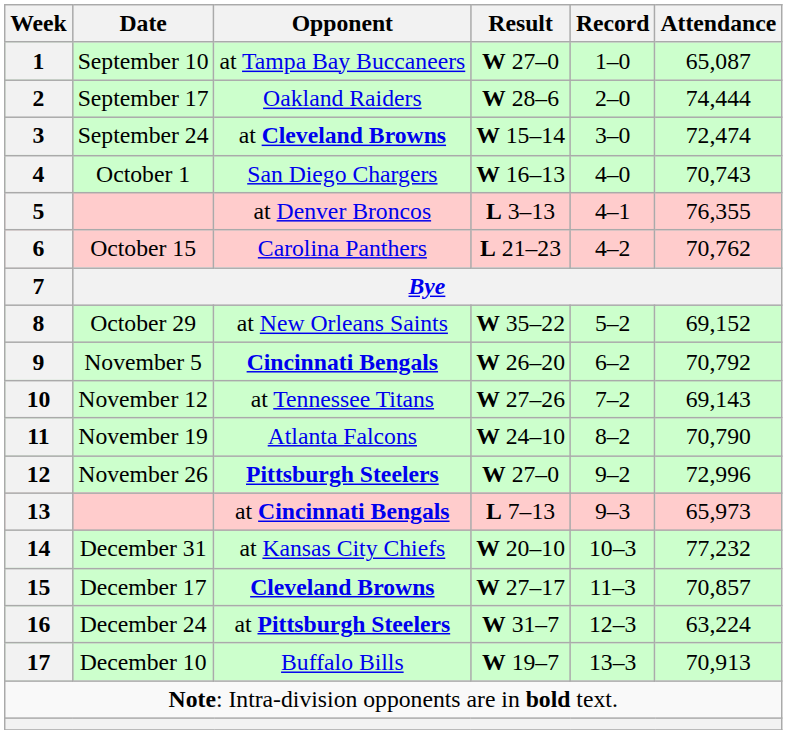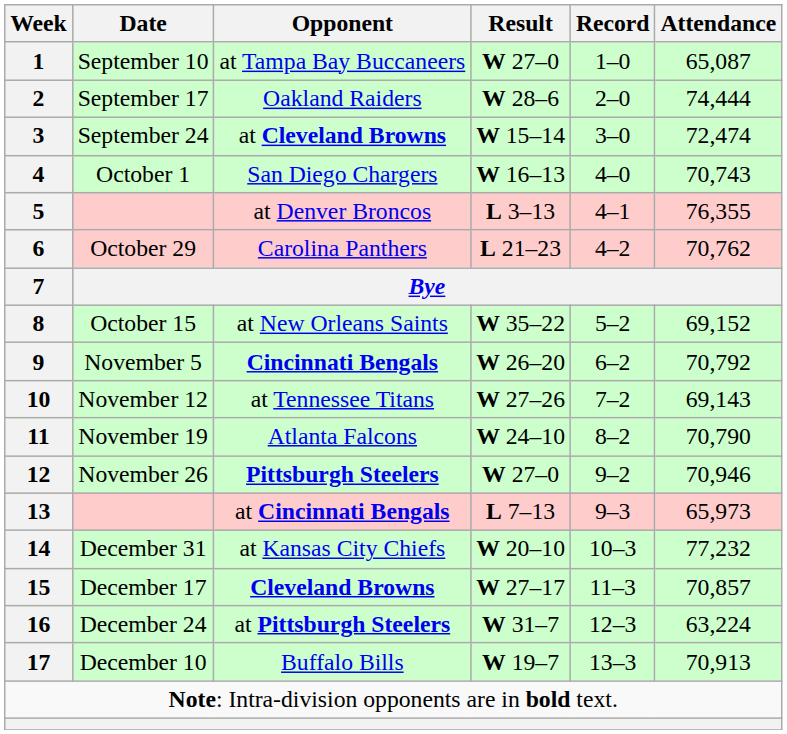 <table class="wikitable" style="text-align:center">
 <tr>
 <th>Week</th>
 <th>Date</th>
 <th>Opponent</th>
 <th>Result</th>
 <th>Record</th>
 <th>Attendance</th>
 </tr>
 <tr style="background: #cfc;">
 <th>1</th>
 <td>September 10</td>
 <td>at <a href='#'>Tampa Bay Buccaneers</a></td>
 <td><strong>W</strong> 27–0</td>
 <td>1–0</td>
 <td>65,087</td>
 </tr>
 <tr style="background: #cfc;">
 <th>2</th>
 <td>September 17</td>
 <td><a href='#'>Oakland Raiders</a></td>
 <td><strong>W</strong> 28–6</td>
 <td>2–0</td>
 <td>74,444</td>
 </tr>
 <tr style="background: #cfc;">
 <th>3</th>
 <td>September 24</td>
 <td>at <strong><a href='#'>Cleveland Browns</a></strong></td>
 <td><strong>W</strong> 15–14</td>
 <td>3–0</td>
 <td>72,474</td>
 </tr>
 <tr style="background: #cfc;">
 <th>4</th>
 <td>October 1</td>
 <td><a href='#'>San Diego Chargers</a></td>
 <td><strong>W</strong> 16–13</td>
 <td>4–0</td>
 <td>70,743</td>
 </tr>
 <tr style="background: #fcc;">
 <th>5</th>
 <td></td>
 <td>at <a href='#'>Denver Broncos</a></td>
 <td><strong>L</strong> 3–13</td>
 <td>4–1</td>
 <td>76,355</td>
 </tr>
 <tr style="background: #fcc;">
 <th>6</th>
-<td>October 15</td>
+<td>October 29</td>
 <td><a href='#'>Carolina Panthers</a></td>
 <td><strong>L</strong> 21–23</td>
 <td>4–2</td>
 <td>70,762</td>
 </tr>
 <tr>
 <th>7</th>
 <th colspan="5"><em><a href='#'>Bye</a></em></th>
 </tr>
 <tr style="background: #cfc;">
 <th>8</th>
-<td>October 29</td>
+<td>October 15</td>
 <td>at <a href='#'>New Orleans Saints</a></td>
 <td><strong>W</strong> 35–22</td>
 <td>5–2</td>
 <td>69,152</td>
 </tr>
 <tr style="background: #cfc;">
 <th>9</th>
 <td>November 5</td>
 <td><strong><a href='#'>Cincinnati Bengals</a></strong></td>
 <td><strong>W</strong> 26–20</td>
 <td>6–2</td>
 <td>70,792</td>
 </tr>
 <tr style="background: #cfc;">
 <th>10</th>
 <td>November 12</td>
 <td>at <a href='#'>Tennessee Titans</a></td>
 <td><strong>W</strong> 27–26</td>
 <td>7–2</td>
 <td>69,143</td>
 </tr>
 <tr style="background: #cfc;">
 <th>11</th>
 <td>November 19</td>
 <td><a href='#'>Atlanta Falcons</a></td>
 <td><strong>W</strong> 24–10</td>
 <td>8–2</td>
 <td>70,790</td>
 </tr>
 <tr style="background: #cfc;">
 <th>12</th>
 <td>November 26</td>
 <td><strong><a href='#'>Pittsburgh Steelers</a></strong></td>
 <td><strong>W</strong> 27–0</td>
 <td>9–2</td>
-<td>72,996</td>
+<td>70,946</td>
 </tr>
 <tr style="background: #fcc;">
 <th>13</th>
 <td></td>
 <td>at <strong><a href='#'>Cincinnati Bengals</a></strong></td>
 <td><strong>L</strong> 7–13</td>
 <td>9–3</td>
 <td>65,973</td>
 </tr>
 <tr style="background: #cfc;">
 <th>14</th>
 <td>December 31</td>
 <td>at <a href='#'>Kansas City Chiefs</a></td>
 <td><strong>W</strong> 20–10</td>
 <td>10–3</td>
 <td>77,232</td>
 </tr>
 <tr style="background: #cfc;">
 <th>15</th>
 <td>December 17</td>
 <td><strong><a href='#'>Cleveland Browns</a></strong></td>
 <td><strong>W</strong> 27–17</td>
 <td>11–3</td>
 <td>70,857</td>
 </tr>
 <tr style="background: #cfc;">
 <th>16</th>
 <td>December 24</td>
 <td>at <strong><a href='#'>Pittsburgh Steelers</a></strong></td>
 <td><strong>W</strong> 31–7</td>
 <td>12–3</td>
 <td>63,224</td>
 </tr>
 <tr style="background: #cfc;">
 <th>17</th>
 <td>December 10</td>
 <td><a href='#'>Buffalo Bills</a></td>
 <td><strong>W</strong> 19–7</td>
 <td>13–3</td>
 <td>70,913</td>
 </tr>
 <tr>
 <td colspan="6"><strong>Note</strong>: Intra-division opponents are in <strong>bold</strong> text.</td>
 </tr>
 <tr>
 <th colspan="6"></th>
 </tr>
 </table>
